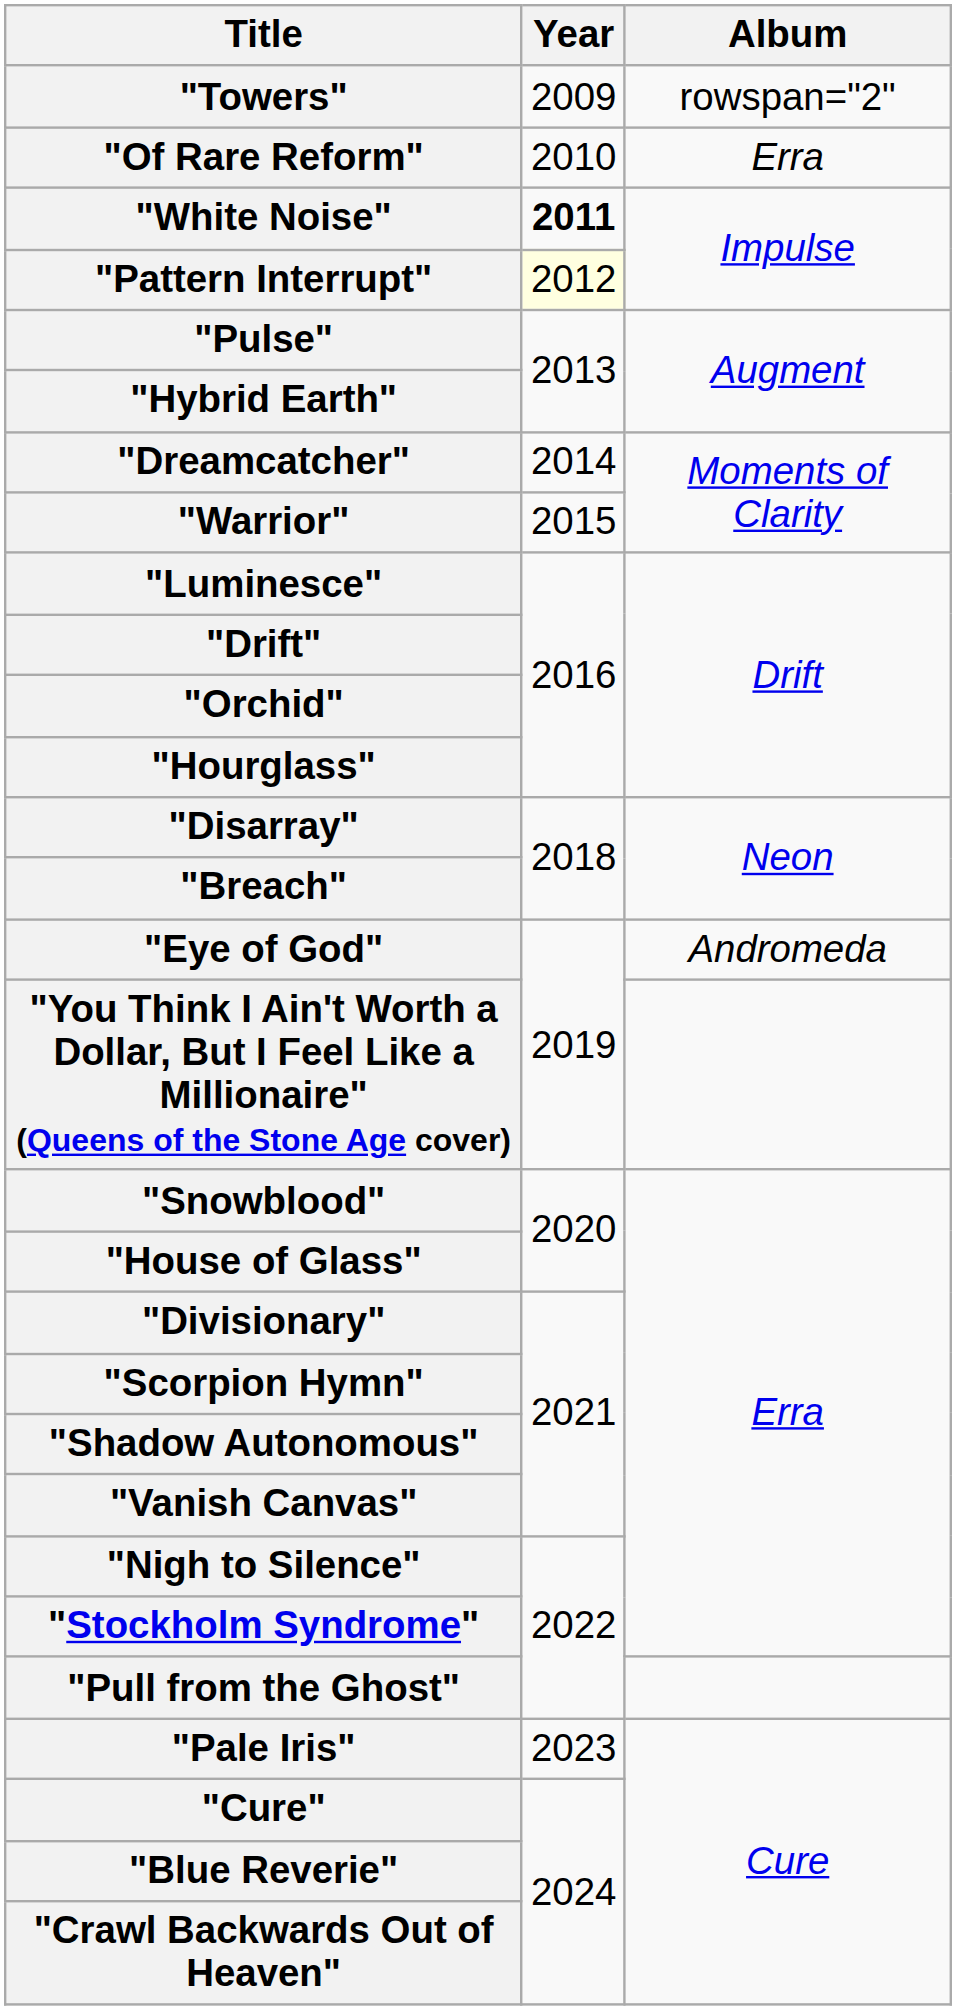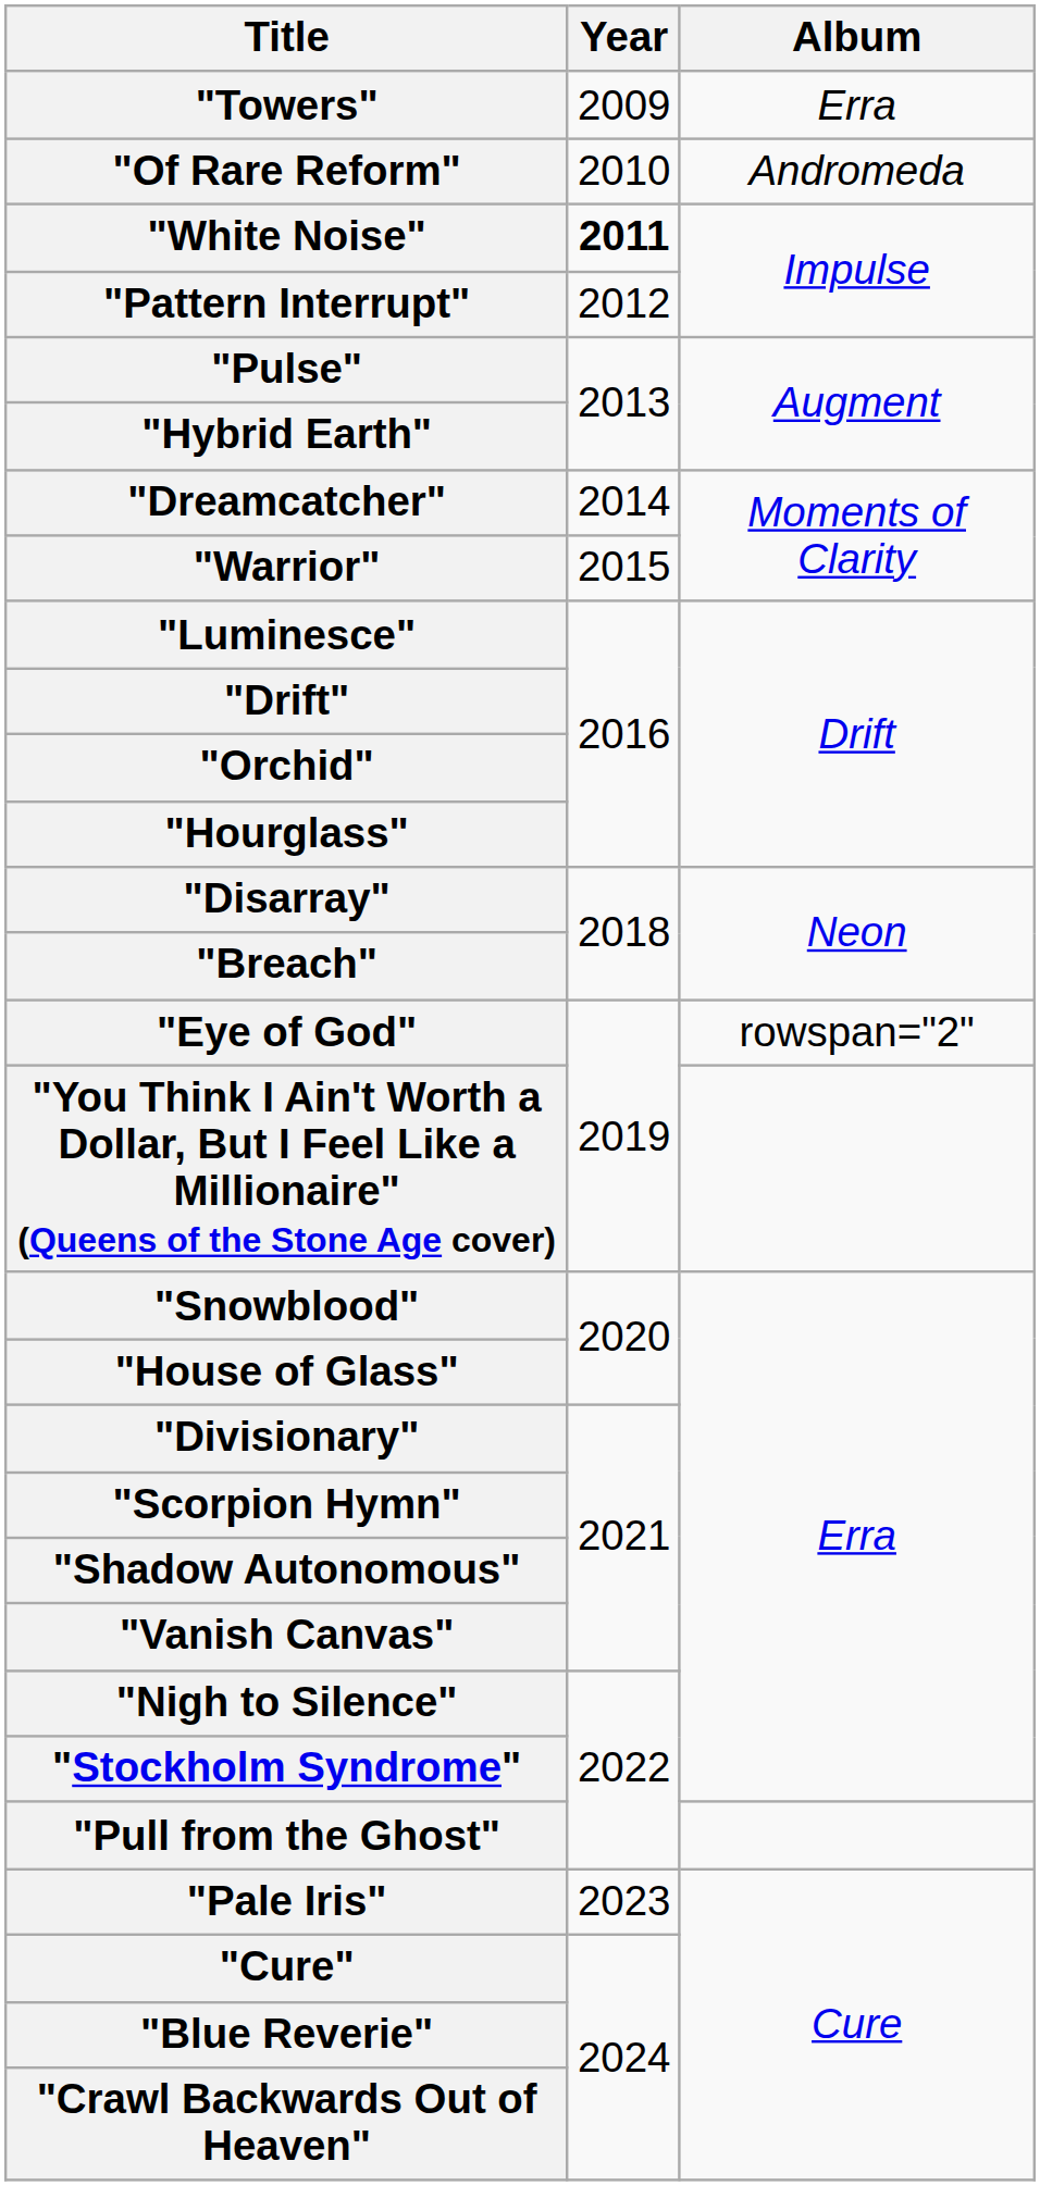 <table class="wikitable plainrowheaders" style="text-align:center;" border="1">
 <tr>
 <th scope="col" style="width:13em;">Title</th>
 <th scope="col" style="width:1em;">Year</th>
 <th scope="col" style="width:8em;">Album</th>
 </tr>
 <tr>
 <th scope="row">"Towers"</th>
 <td>2009</td>
-<td>rowspan="2" </td>
+<td><em>Erra</em></td>
 </tr>
 <tr>
 <th scope="row">"Of Rare Reform"</th>
 <td>2010</td>
-<td><em>Erra</em></td>
+<td><em>Andromeda</em></td>
 </tr>
 <tr>
 <th scope="row">"White Noise"</th>
 <td><strong>2011</strong></td>
 <td rowspan="2"><em><a href='#'>Impulse</a></em></td>
 </tr>
 <tr>
 <th scope="row">"Pattern Interrupt"</th>
-<td style="background: lightyellow;">2012</td>
+<td>2012</td>
 </tr>
 <tr>
 <th scope="row">"Pulse"</th>
 <td rowspan="2">2013</td>
 <td rowspan="2"><em><a href='#'>Augment</a></em></td>
 </tr>
 <tr>
 <th scope="row">"Hybrid Earth"</th>
 </tr>
 <tr>
 <th scope="row">"Dreamcatcher"</th>
 <td>2014</td>
 <td rowspan="2"><em><a href='#'>Moments of Clarity</a></em></td>
 </tr>
 <tr>
 <th scope="row">"Warrior"</th>
 <td>2015</td>
 </tr>
 <tr>
 <th scope="row">"Luminesce"</th>
 <td rowspan="4">2016</td>
 <td rowspan="4"><em><a href='#'>Drift</a></em></td>
 </tr>
 <tr>
 <th scope="row">"Drift"</th>
 </tr>
 <tr>
 <th scope="row">"Orchid"</th>
 </tr>
 <tr>
 <th scope="row">"Hourglass"</th>
 </tr>
 <tr>
 <th scope="row">"Disarray"</th>
 <td rowspan="2">2018</td>
 <td rowspan="2"><em><a href='#'>Neon</a></em></td>
 </tr>
 <tr>
 <th scope="row">"Breach"</th>
 </tr>
 <tr>
 <th scope="row">"Eye of God"</th>
 <td rowspan="2">2019</td>
-<td><em>Andromeda</em></td>
+<td>rowspan="2" </td>
 </tr>
 <tr>
 <th scope="row">"You Think I Ain't Worth a Dollar, But I Feel Like a Millionaire"<br><small>(<a href='#'>Queens of the Stone Age</a> cover)</small></th>
 </tr>
 <tr>
 <th scope="row">"Snowblood"</th>
 <td rowspan="2">2020</td>
 <td rowspan="8"><em><a href='#'>Erra</a></em></td>
 </tr>
 <tr>
 <th scope="row">"House of Glass"</th>
 </tr>
 <tr>
 <th scope="row">"Divisionary"</th>
 <td rowspan="4">2021</td>
 </tr>
 <tr>
 <th scope="row">"Scorpion Hymn"</th>
 </tr>
 <tr>
 <th scope="row">"Shadow Autonomous"</th>
 </tr>
 <tr>
 <th scope="row">"Vanish Canvas"<br></th>
 </tr>
 <tr>
 <th scope="row">"Nigh to Silence"</th>
 <td rowspan="3">2022</td>
 </tr>
 <tr>
 <th scope="row">"<a href='#'>Stockholm Syndrome</a>"<br></th>
 </tr>
 <tr>
 <th scope="row">"Pull from the Ghost"</th>
 <td></td>
 </tr>
 <tr>
 <th scope="row">"Pale Iris"</th>
 <td>2023</td>
 <td rowspan="4"><em><a href='#'>Cure</a></em></td>
 </tr>
 <tr>
 <th scope="row">"Cure"</th>
 <td rowspan="3">2024</td>
 </tr>
 <tr>
 <th scope="row">"Blue Reverie"</th>
 </tr>
 <tr>
 <th scope="row">"Crawl Backwards Out of Heaven"</th>
 </tr>
 </table>
